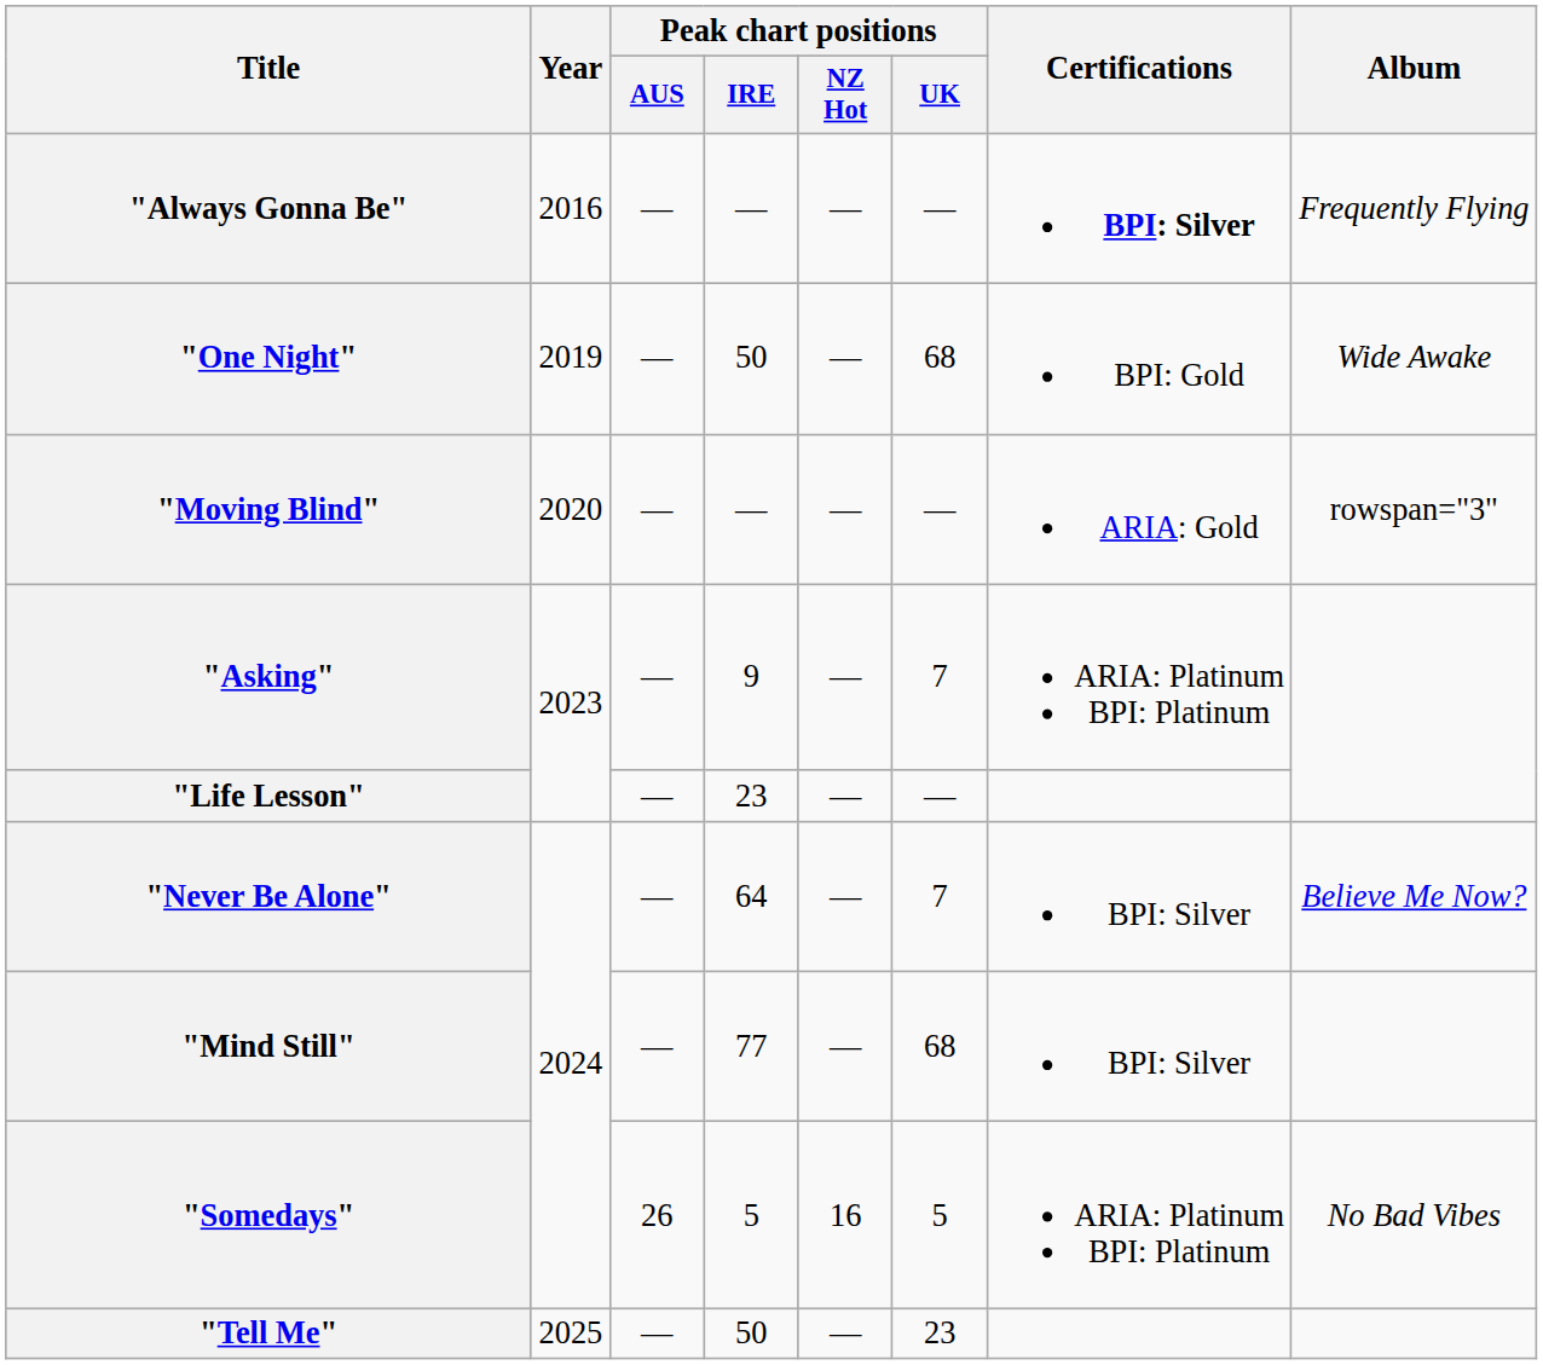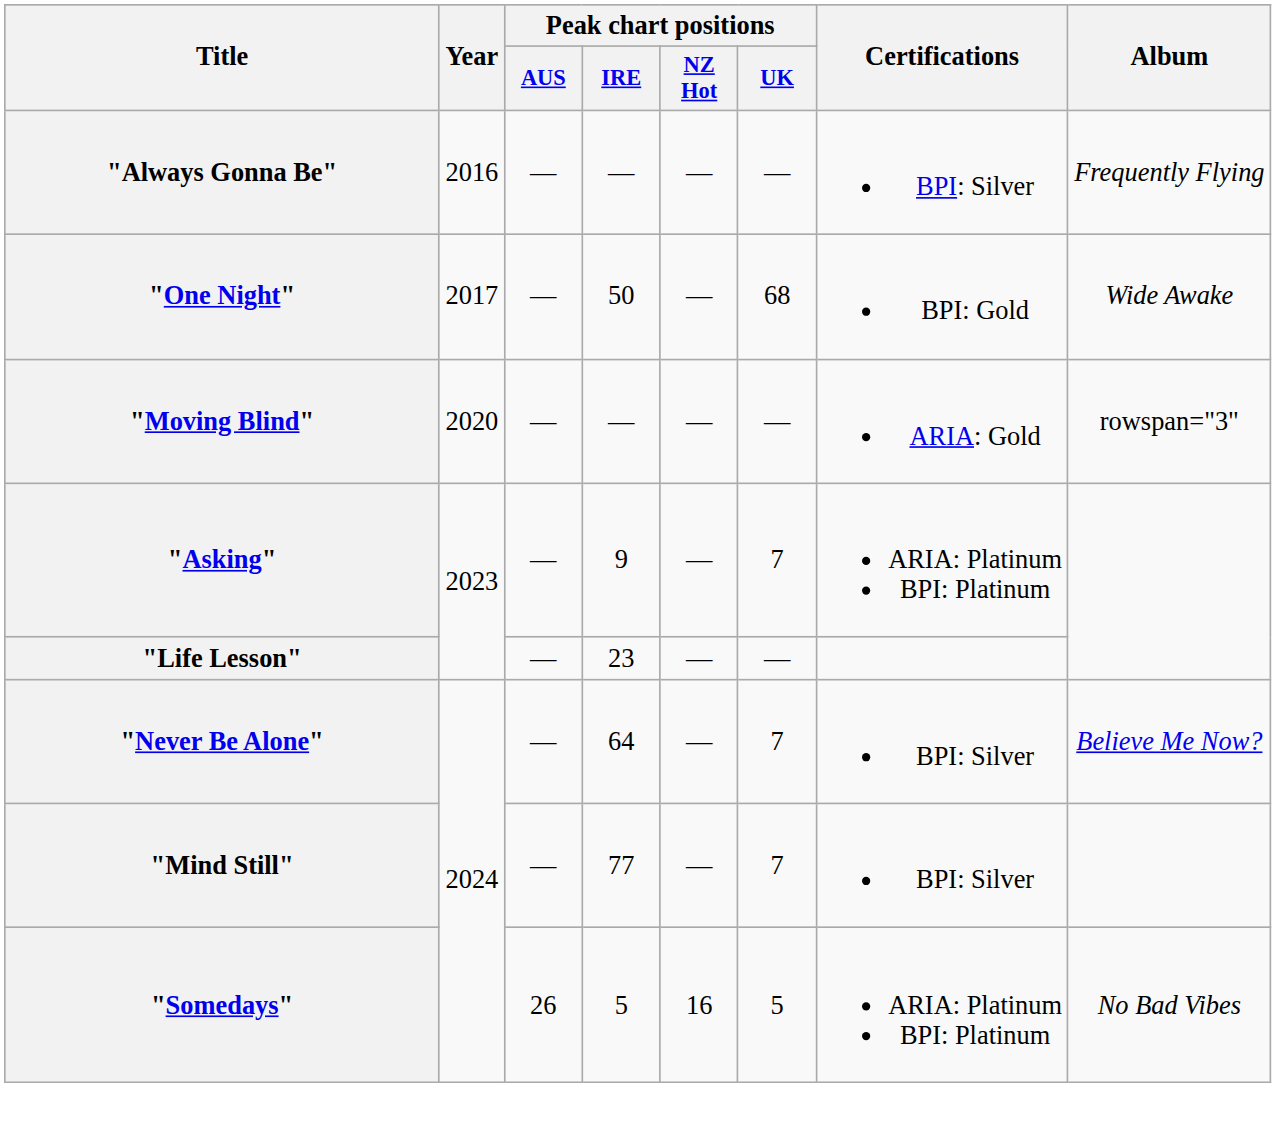 <table class="wikitable plainrowheaders" style="text-align:center;">
 <tr>
 <th scope="col" rowspan="2" style="width:16em;">Title</th>
 <th scope="col" rowspan="2" style="width:1em;">Year</th>
 <th scope="col" colspan="4">Peak chart positions</th>
 <th scope="col" rowspan="2">Certifications</th>
 <th scope="col" rowspan="2">Album</th>
 </tr>
 <tr>
 <th scope="col" style="width:3em;font-size:85%;"><a href='#'>AUS</a><br></th>
 <th scope="col" style="width:3em;font-size:85%;"><a href='#'>IRE</a><br></th>
 <th scope="col" style="width:3em;font-size:85%;"><a href='#'>NZ<br>Hot</a><br></th>
 <th scope="col" style="width:3em;font-size:85%;"><a href='#'>UK</a><br></th>
 </tr>
 <tr>
 <th scope="row">"Always Gonna Be" <br> </th>
 <td>2016</td>
 <td>—</td>
 <td>—</td>
 <td>—</td>
 <td>—</td>
-<td><strong><br><ul><li><a href='#'>BPI</a>: Silver</li></ul></strong></td>
+<td><br><ul><li><a href='#'>BPI</a>: Silver</li></ul></td>
 <td><em>Frequently Flying</em></td>
 </tr>
 <tr>
 <th scope="row">"<a href='#'>One Night</a>" <br> </th>
-<td>2019</td>
+<td>2017</td>
 <td>—</td>
 <td>50</td>
 <td>—</td>
 <td>68</td>
 <td><br><ul><li>BPI: Gold</li></ul></td>
 <td><em>Wide Awake</em></td>
 </tr>
 <tr>
 <th scope="row">"<a href='#'>Moving Blind</a>" <br> </th>
 <td>2020</td>
 <td>—</td>
 <td>—</td>
 <td>—</td>
 <td>—</td>
 <td><br><ul><li><a href='#'>ARIA</a>: Gold</li></ul></td>
 <td>rowspan="3" </td>
 </tr>
 <tr>
 <th scope="row">"<a href='#'>Asking</a>" <br> </th>
 <td rowspan="2">2023</td>
 <td>—</td>
 <td>9</td>
 <td>—</td>
 <td>7</td>
 <td><br><ul><li>ARIA: Platinum</li><li>BPI: Platinum</li></ul></td>
 </tr>
 <tr>
 <th scope="row">"Life Lesson" <br> </th>
 <td>—</td>
 <td>23</td>
 <td>—</td>
 <td>—</td>
 <td></td>
 </tr>
 <tr>
 <th scope="row">"<a href='#'>Never Be Alone</a>" <br> </th>
 <td rowspan="3">2024</td>
 <td>—</td>
 <td>64</td>
 <td>—</td>
 <td>7</td>
 <td><br><ul><li>BPI: Silver</li></ul></td>
 <td><em><a href='#'>Believe Me Now?</a></em></td>
 </tr>
 <tr>
 <th scope="row">"Mind Still" <br> </th>
 <td>—</td>
 <td>77</td>
 <td>—</td>
-<td>68</td>
+<td>7</td>
 <td><br><ul><li>BPI: Silver</li></ul></td>
 <td></td>
 </tr>
 <tr>
 <th scope="row">"<a href='#'>Somedays</a>"<br></th>
 <td>26</td>
 <td>5</td>
 <td>16</td>
 <td>5</td>
 <td><br><ul><li>ARIA: Platinum</li><li>BPI: Platinum</li></ul></td>
 <td><em>No Bad Vibes</em></td>
 </tr>
-<tr>
-<th scope="row">"<a href='#'>Tell Me</a>" <br> </th>
-<td>2025</td>
-<td>—</td>
-<td>50<br></td>
-<td>—</td>
-<td>23</td>
-<td></td>
-<td></td>
-</tr>
 </table>
